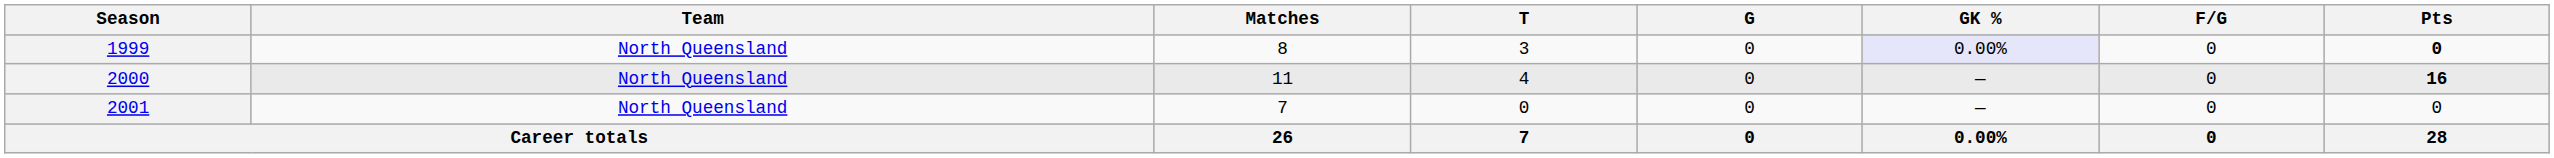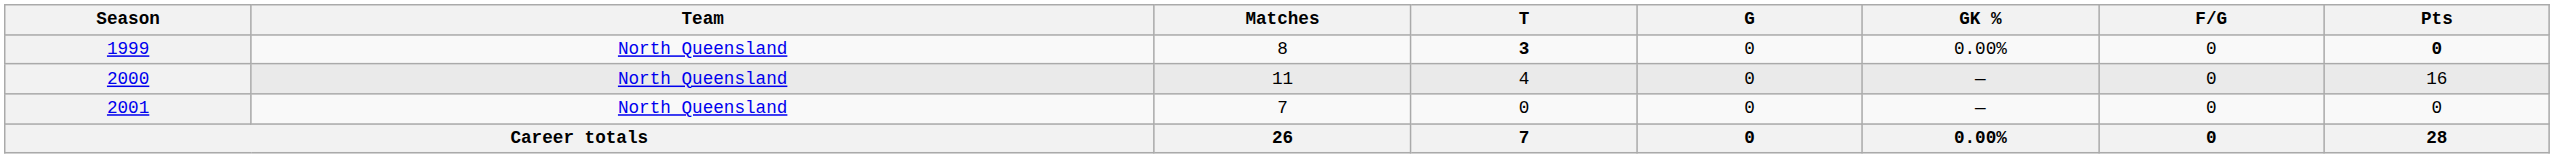 <table class="wikitable sortable"  style="font-size:90%; text-align:center; width:85%;">
 <tr>
 <th width=2%>Season</th>
 <th width=8%>Team</th>
 <th width=2%>Matches</th>
 <th width=2%>T</th>
 <th width=2%>G</th>
 <th width=2%>GK %</th>
 <th width=2%>F/G</th>
 <th width=2%>Pts</th>
 </tr>
 <tr>
 <th scope="row" style="text-align:center; font-weight:normal"><a href='#'>1999</a></th>
 <td style="text-align:center;"> <a href='#'>North Queensland</a></td>
 <td>8</td>
-<td>3</td>
+<td><strong>3</strong></td>
 <td>0</td>
-<td style="background: lavender;">0.00%</td>
+<td>0.00%</td>
 <td>0</td>
 <td><strong>0</strong></td>
 </tr>
 <tr style="background:#eaeaea;">
 <th scope="row" style="text-align:center; font-weight:normal"><a href='#'>2000</a></th>
 <td style="text-align:center;"> <a href='#'>North Queensland</a></td>
 <td>11</td>
 <td>4</td>
 <td>0</td>
 <td>—</td>
 <td>0</td>
-<td><strong>16</strong></td>
+<td>16</td>
 </tr>
 <tr>
 <th scope="row" style="text-align:center; font-weight:normal"><a href='#'>2001</a></th>
 <td style="text-align:center;"> <a href='#'>North Queensland</a></td>
 <td>7</td>
 <td>0</td>
 <td>0</td>
 <td>—</td>
 <td>0</td>
 <td>0</td>
 </tr>
 <tr class="sortbottom">
 <th colspan=2>Career totals</th>
 <th>26</th>
 <th>7</th>
 <th>0</th>
 <th>0.00%</th>
 <th>0</th>
 <th>28</th>
 </tr>
 </table>
